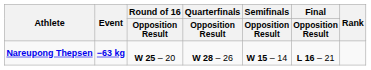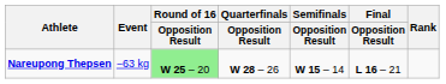 <table class="wikitable" style="font-size:90%;">
 <tr>
 <th rowspan=2>Athlete</th>
 <th rowspan=2>Event</th>
 <th>Round of 16</th>
 <th>Quarterfinals</th>
 <th>Semifinals</th>
 <th>Final</th>
 <th rowspan=2>Rank</th>
 </tr>
 <tr style="font-size:95%">
 <th>Opposition<br>Result</th>
 <th>Opposition<br>Result</th>
 <th>Opposition<br>Result</th>
 <th>Opposition<br>Result</th>
 </tr>
 <tr align=center>
 <td align=left><strong><a href='#'>Nareupong Thepsen</a></strong></td>
-<td align=left><strong><a href='#'>−63 kg</a></strong></td>
-<td align=center><br><strong>W</strong> <strong>25</strong> – 20</td>
+<td align=left><a href='#'>−63 kg</a></td>
+<td align=center style="background: lightgreen;"><br><strong>W</strong> <strong>25</strong> – 20</td>
 <td align=center><br><strong>W</strong> <strong>28</strong> – 26</td>
 <td align=center><br><strong>W</strong> <strong>15</strong> – 14</td>
 <td align=center><br><strong>L</strong> <strong>16</strong> – 21</td>
 <td align=center></td>
 </tr>
 </table>
